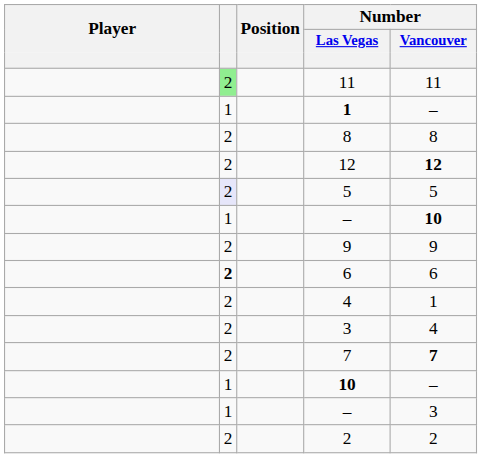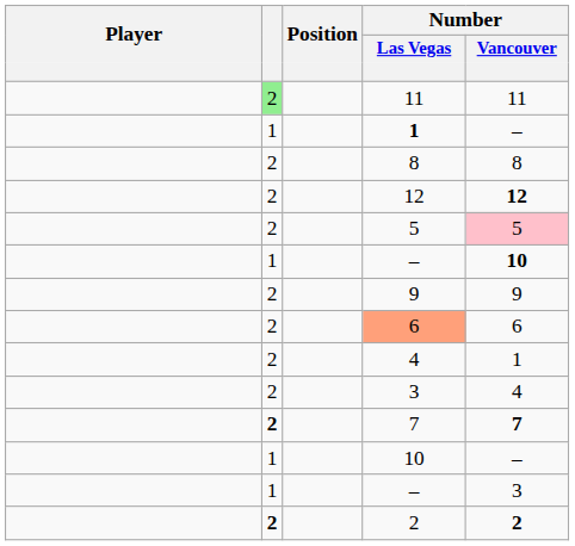 <table class="wikitable sortable" style="text-align:center;">
 <tr>
 <th rowspan=2 style="border-bottom:0px; width:12em;">Player</th>
 <th rowspan=2 style="border-bottom:0px;"></th>
 <th rowspan=2 style="border-bottom:0px;">Position</th>
 <th colspan=2 style="padding:2px;">Number</th>
 </tr>
 <tr>
 <th style="vertical-align:top;width:5.5em;border-bottom:1px solid transparent;padding:2px;font-size:85%;"><a href='#'>Las Vegas</a></th>
 <th style="vertical-align:top;width:5.5em;border-bottom:1px solid transparent;padding:2px;font-size:85%;"><a href='#'>Vancouver</a></th>
 </tr>
 <tr style="line-height:8px;">
 <th style="border-top:1px solid transparent;"></th>
 <th style="border-top:1px solid transparent;"> </th>
 <th style="border-top:1px solid transparent;"> </th>
 <th data-sort-type="number" style="border-top:0px;"></th>
 <th data-sort-type="number" style="border-top:0px;"></th>
 </tr>
 <tr>
 <td align=left></td>
 <td style="background: lightgreen;">2</td>
 <td></td>
 <td>11</td>
 <td>11</td>
 </tr>
 <tr>
 <td align=left></td>
 <td>1</td>
 <td></td>
 <td><strong>1</strong></td>
 <td>–</td>
 </tr>
 <tr>
 <td align=left></td>
 <td>2</td>
 <td></td>
 <td>8</td>
 <td>8</td>
 </tr>
 <tr>
 <td align=left></td>
 <td>2</td>
 <td></td>
 <td>12</td>
 <td><strong>12</strong></td>
 </tr>
 <tr>
 <td align=left></td>
-<td style="background: lavender;">2</td>
+<td>2</td>
 <td></td>
 <td>5</td>
-<td>5</td>
+<td style="background: pink;">5</td>
 </tr>
 <tr>
 <td align=left></td>
 <td>1</td>
 <td></td>
 <td>–</td>
 <td><strong>10</strong></td>
 </tr>
 <tr>
 <td align=left></td>
 <td>2</td>
 <td></td>
 <td>9</td>
 <td>9</td>
 </tr>
 <tr>
 <td align=left></td>
-<td><strong>2</strong></td>
+<td>2</td>
 <td></td>
-<td>6</td>
+<td style="background: lightsalmon;">6</td>
 <td>6</td>
 </tr>
 <tr>
 <td align=left></td>
 <td>2</td>
 <td></td>
 <td>4</td>
 <td>1</td>
 </tr>
 <tr>
 <td align=left></td>
 <td>2</td>
 <td></td>
 <td>3</td>
 <td>4</td>
 </tr>
 <tr>
 <td align=left></td>
-<td>2</td>
+<td><strong>2</strong></td>
 <td></td>
 <td>7</td>
 <td><strong>7</strong></td>
 </tr>
 <tr>
 <td align=left></td>
 <td>1</td>
 <td></td>
-<td><strong>10</strong></td>
+<td>10</td>
 <td>–</td>
 </tr>
 <tr>
 <td align=left></td>
 <td>1</td>
 <td></td>
 <td>–</td>
 <td>3</td>
 </tr>
 <tr>
 <td align=left></td>
-<td>2</td>
+<td><strong>2</strong></td>
 <td></td>
 <td>2</td>
-<td>2</td>
+<td><strong>2</strong></td>
 </tr>
 </table>
